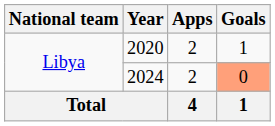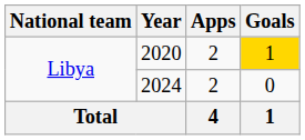 <table class=wikitable style="text-align: center">
 <tr>
 <th>National team</th>
 <th>Year</th>
 <th>Apps</th>
 <th>Goals</th>
 </tr>
 <tr>
 <td rowspan="2"><a href='#'>Libya</a></td>
 <td>2020</td>
 <td>2</td>
-<td>1</td>
+<td style="background: gold;">1</td>
 </tr>
 <tr>
 <td>2024</td>
 <td>2</td>
-<td style="background: lightsalmon;">0</td>
+<td>0</td>
 </tr>
 <tr>
 <th colspan="2">Total</th>
 <th>4</th>
 <th>1</th>
 </tr>
 </table>
